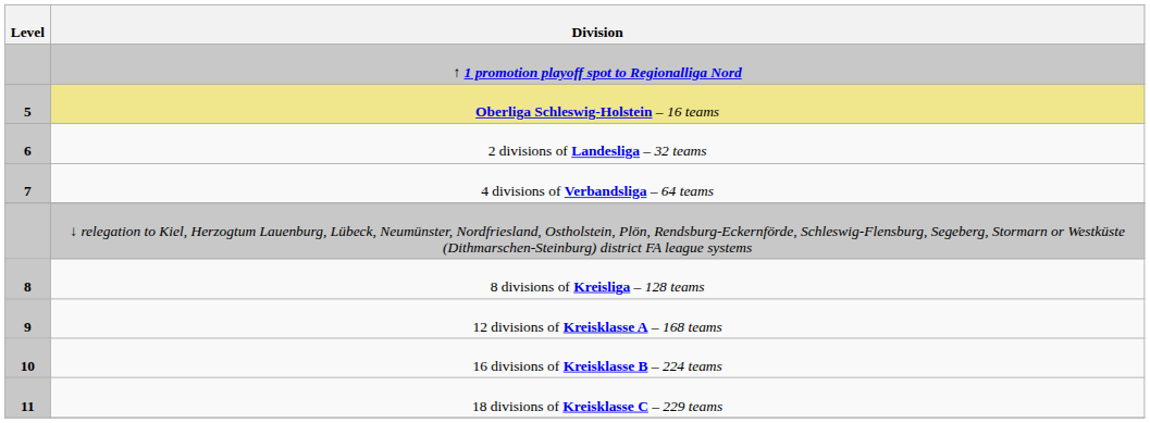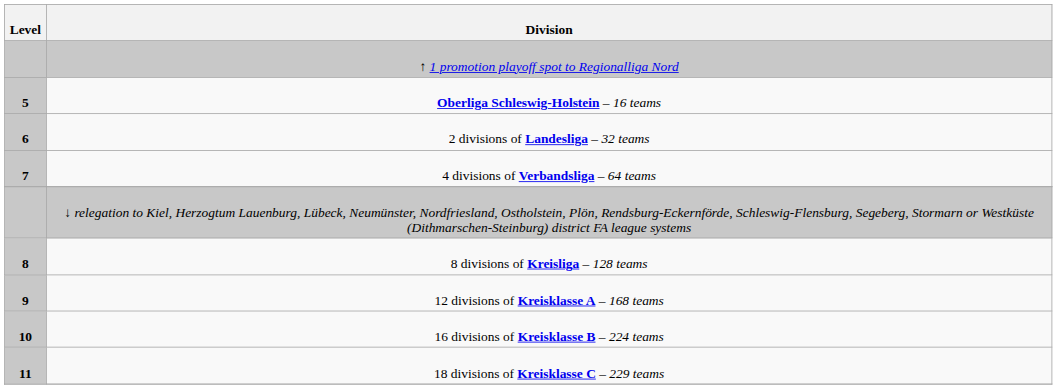 <table class="wikitable" style="text-align:center">
 <tr style="background:#c8c8c8">
 <th colspan="1" width="4%"><br>Level</th>
 <th colspan="1"><br>Division</th>
 </tr>
 <tr style="background:#c8c8c8">
 <td colspan="1"></td>
-<td colspan="1"><strong><br><em>↑ <a href='#'>1 promotion playoff spot to Regionalliga Nord</a></em></strong></td>
+<td colspan="1"><br><em>↑ <a href='#'>1 promotion playoff spot to Regionalliga Nord</a></em></td>
 </tr>
 <tr>
 <td colspan="1" style="background:#c8c8c8"><br><strong>5</strong></td>
-<td colspan="1" style="background: khaki;"><br><strong><a href='#'>Oberliga Schleswig-Holstein</a></strong> – <em>16 teams</em></td>
+<td colspan="1"><br><strong><a href='#'>Oberliga Schleswig-Holstein</a></strong> – <em>16 teams</em></td>
 </tr>
 <tr>
 <td colspan="1" style="background:#c8c8c8"><br><strong>6</strong></td>
 <td colspan="1"><br>2 divisions of <strong><a href='#'>Landesliga</a></strong> – <em>32 teams</em></td>
 </tr>
 <tr>
 <td colspan="1" style="background:#c8c8c8"><br><strong>7</strong></td>
 <td colspan="1"><br>4 divisions of <strong><a href='#'>Verbandsliga</a></strong> – <em>64 teams</em></td>
 </tr>
 <tr>
 </tr>
 <tr style="background:#c8c8c8">
 <td colspan="1"></td>
 <td colspan="1"><br><em>↓ relegation to Kiel, Herzogtum Lauenburg, Lübeck, Neumünster, Nordfriesland, Ostholstein, Plön, Rendsburg-Eckernförde, Schleswig-Flensburg, Segeberg, Stormarn or Westküste (Dithmarschen-Steinburg) district FA league systems</em></td>
 </tr>
 <tr>
 <td colspan="1" style="background:#c8c8c8"><br><strong>8</strong></td>
 <td colspan="1"><br>8 divisions of <strong><a href='#'>Kreisliga</a></strong> – <em>128 teams</em></td>
 </tr>
 <tr>
 <td colspan="1" style="background:#c8c8c8"><br><strong>9</strong></td>
 <td colspan="1"><br>12 divisions of <strong><a href='#'>Kreisklasse A</a></strong> – <em>168 teams</em></td>
 </tr>
 <tr>
 <td colspan="1" style="background:#c8c8c8"><br><strong>10</strong></td>
 <td colspan="1"><br>16 divisions of <strong><a href='#'>Kreisklasse B</a></strong> – <em>224 teams</em></td>
 </tr>
 <tr>
 <td colspan="1" style="background:#c8c8c8"><br><strong>11</strong></td>
 <td colspan="1"><br>18 divisions of <strong><a href='#'>Kreisklasse C</a></strong> – <em>229 teams</em></td>
 </tr>
 <tr>
 </tr>
 </table>
